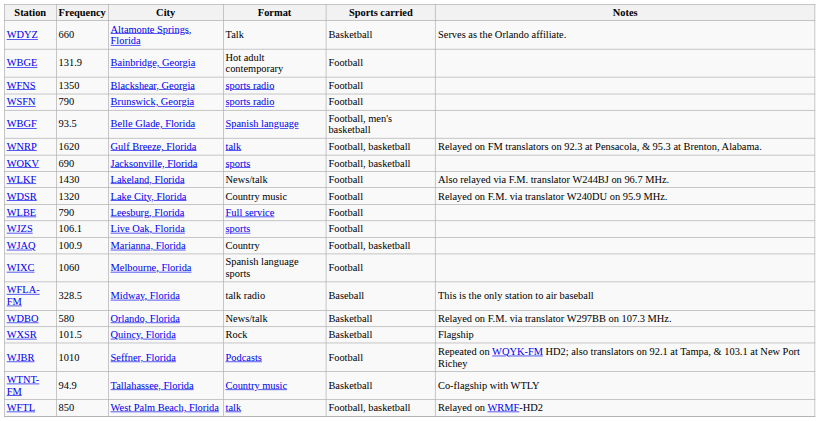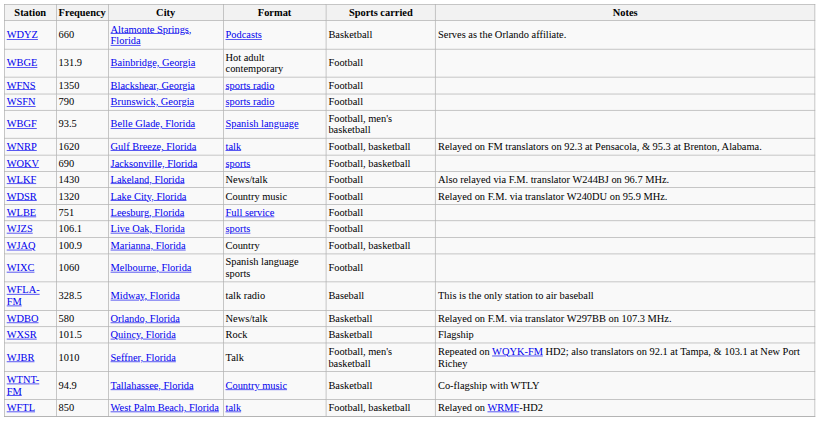 <table class="wikitable sortable">
 <tr>
 <th>Station</th>
 <th>Frequency</th>
 <th>City</th>
 <th>Format</th>
 <th>Sports carried</th>
 <th>Notes</th>
 </tr>
 <tr>
 <td><a href='#'>WDYZ</a></td>
 <td data-sort-value=000660>660</td>
 <td><a href='#'>Altamonte Springs, Florida</a></td>
-<td>Talk</td>
+<td><a href='#'>Podcasts</a></td>
 <td>Basketball</td>
 <td>Serves as the Orlando affiliate.</td>
 </tr>
 <tr>
 <td><a href='#'>WBGE</a></td>
 <td data-sort-value=101900>131.9</td>
 <td><a href='#'>Bainbridge, Georgia</a></td>
 <td>Hot adult contemporary</td>
 <td>Football</td>
 <td></td>
 </tr>
 <tr>
 <td><a href='#'>WFNS</a></td>
 <td data-sort-value=001350>1350</td>
 <td><a href='#'>Blackshear, Georgia</a></td>
 <td><a href='#'>sports radio</a></td>
 <td>Football</td>
 </tr>
 <tr>
 <td><a href='#'>WSFN</a></td>
 <td data-sort-value=000790>790</td>
 <td><a href='#'>Brunswick, Georgia</a></td>
 <td><a href='#'>sports radio</a></td>
 <td>Football</td>
 <td></td>
 </tr>
 <tr>
 <td><a href='#'>WBGF</a></td>
 <td data-sort-value=093500>93.5</td>
 <td><a href='#'>Belle Glade, Florida</a></td>
 <td><a href='#'>Spanish language</a></td>
 <td>Football, men's basketball</td>
 <td></td>
 </tr>
 <tr>
 <td><a href='#'>WNRP</a></td>
 <td data-sort-value=001620>1620</td>
 <td><a href='#'>Gulf Breeze, Florida</a></td>
 <td><a href='#'>talk</a></td>
 <td>Football, basketball</td>
 <td>Relayed on FM translators on 92.3 at Pensacola, & 95.3 at Brenton, Alabama.</td>
 </tr>
 <tr>
 <td><a href='#'>WOKV</a></td>
 <td data-sort-value=00690>690</td>
 <td><a href='#'>Jacksonville, Florida</a></td>
 <td><a href='#'>sports</a></td>
 <td>Football, basketball</td>
 </tr>
 <tr>
 <td><a href='#'>WLKF</a></td>
 <td data-sort-value=001430>1430</td>
 <td><a href='#'>Lakeland, Florida</a></td>
 <td>News/talk</td>
 <td>Football</td>
 <td>Also relayed via F.M. translator W244BJ on 96.7 MHz.</td>
 </tr>
 <tr>
 <td><a href='#'>WDSR</a></td>
 <td data-sort-value=001340>1320</td>
 <td><a href='#'>Lake City, Florida</a></td>
 <td>Country music</td>
 <td>Football</td>
 <td>Relayed on F.M. via translator W240DU on 95.9 MHz.</td>
 </tr>
 <tr>
 <td><a href='#'>WLBE</a></td>
-<td data-sort-value=000790>790</td>
+<td data-sort-value=000790>751</td>
 <td><a href='#'>Leesburg, Florida</a></td>
 <td><a href='#'>Full service</a></td>
 <td>Football</td>
 <td></td>
 </tr>
 <tr>
 <td><a href='#'>WJZS</a></td>
 <td data-sort-value=106100>106.1</td>
 <td><a href='#'>Live Oak, Florida</a></td>
 <td><a href='#'>sports</a></td>
 <td>Football</td>
 </tr>
 <tr>
 <td><a href='#'>WJAQ</a></td>
 <td data-sort-value=100900>100.9</td>
 <td><a href='#'>Marianna, Florida</a></td>
 <td>Country</td>
 <td>Football, basketball</td>
 <td></td>
 </tr>
 <tr>
 <td><a href='#'>WIXC</a></td>
 <td data-sort-value=001060>1060</td>
 <td><a href='#'>Melbourne, Florida</a></td>
 <td>Spanish language sports</td>
 <td>Football</td>
 <td></td>
 </tr>
 <tr>
 <td><a href='#'>WFLA-FM</a></td>
 <td data-sort-value=100700>328.5</td>
 <td><a href='#'>Midway, Florida</a></td>
 <td>talk radio</td>
 <td>Baseball</td>
 <td>This is the only station to air baseball</td>
 </tr>
 <tr>
 <td><a href='#'>WDBO</a></td>
 <td data-sort-value=000580>580</td>
 <td><a href='#'>Orlando, Florida</a></td>
 <td>News/talk</td>
 <td>Basketball</td>
 <td>Relayed on F.M. via translator W297BB on 107.3 MHz.</td>
 </tr>
 <tr>
 <td><a href='#'>WXSR</a></td>
 <td data-sort-value=101500>101.5</td>
 <td><a href='#'>Quincy, Florida</a></td>
 <td>Rock</td>
 <td>Basketball</td>
 <td>Flagship</td>
 </tr>
 <tr>
 <td><a href='#'>WJBR</a></td>
 <td data-sort-value=001010>1010</td>
 <td><a href='#'>Seffner, Florida</a></td>
-<td><a href='#'>Podcasts</a></td>
-<td>Football</td>
+<td>Talk</td>
+<td>Football, men's basketball</td>
 <td>Repeated on <a href='#'>WQYK-FM</a> HD2; also translators on 92.1 at Tampa, & 103.1 at New Port Richey</td>
 </tr>
 <tr>
 <td><a href='#'>WTNT-FM</a></td>
 <td data-sort-value=094900>94.9</td>
 <td><a href='#'>Tallahassee, Florida</a></td>
 <td><a href='#'>Country music</a></td>
 <td>Basketball</td>
 <td>Co-flagship with WTLY</td>
 </tr>
 <tr>
 <td><a href='#'>WFTL</a></td>
 <td data-sort-value=000850>850</td>
 <td><a href='#'>West Palm Beach, Florida</a></td>
 <td><a href='#'>talk</a></td>
 <td>Football, basketball</td>
 <td>Relayed on <a href='#'>WRMF</a>-HD2</td>
 </tr>
 <tr>
 </tr>
 </table>
